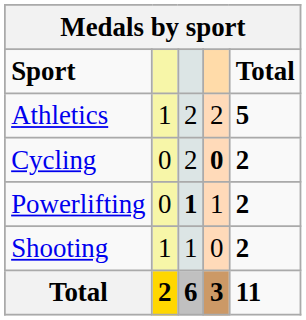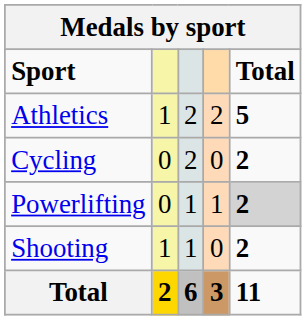 <table class=wikitable style="font-size:95%; ">
 <tr bgcolor=EFEFEF>
 <th colspan=7><strong>Medals by sport</strong></th>
 </tr>
 <tr>
 <td><strong>Sport</strong></td>
 <td bgcolor=F7F6A8></td>
 <td bgcolor=DCE5E5></td>
 <td bgcolor=FFDBA9></td>
 <td><strong>Total</strong></td>
 </tr>
 <tr>
 <td><a href='#'>Athletics</a></td>
 <td bgcolor=F7F6A8>1</td>
 <td bgcolor=DCE5E5>2</td>
 <td bgcolor=FFDAB9>2</td>
 <td><strong>5</strong></td>
 </tr>
 <tr>
 <td><a href='#'>Cycling</a></td>
 <td bgcolor=F7F6A8>0</td>
 <td bgcolor=DCE5E5>2</td>
-<td bgcolor=FFDAB9><strong>0</strong></td>
+<td bgcolor=FFDAB9>0</td>
 <td><strong>2</strong></td>
 </tr>
 <tr>
 <td><a href='#'>Powerlifting</a></td>
 <td bgcolor=F7F6A8>0</td>
-<td bgcolor=DCE5E5><strong>1</strong></td>
+<td bgcolor=DCE5E5>1</td>
 <td bgcolor=FFDAB9>1</td>
-<td><strong>2</strong></td>
+<td style="background: lightgrey;"><strong>2</strong></td>
 </tr>
 <tr>
 <td><a href='#'>Shooting</a></td>
 <td bgcolor=F7F6A8>1</td>
 <td bgcolor=DCE5E5>1</td>
 <td bgcolor=FFDAB9>0</td>
 <td><strong>2</strong></td>
 </tr>
 <tr>
 <th><strong>Total</strong></th>
 <td style="background:gold;"><strong>2</strong></td>
 <td style="background:silver;"><strong>6</strong></td>
 <td style="background:#c96;"><strong>3</strong></td>
 <td><strong>11</strong></td>
 </tr>
 </table>
